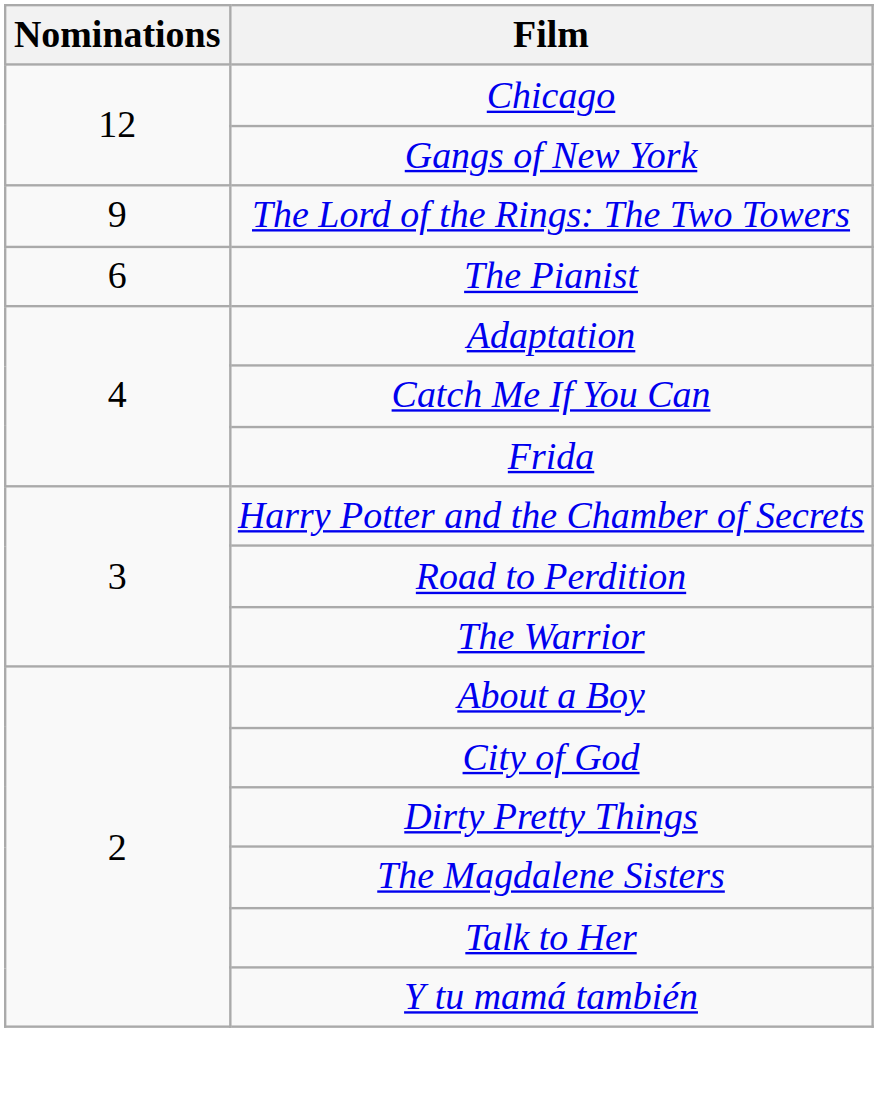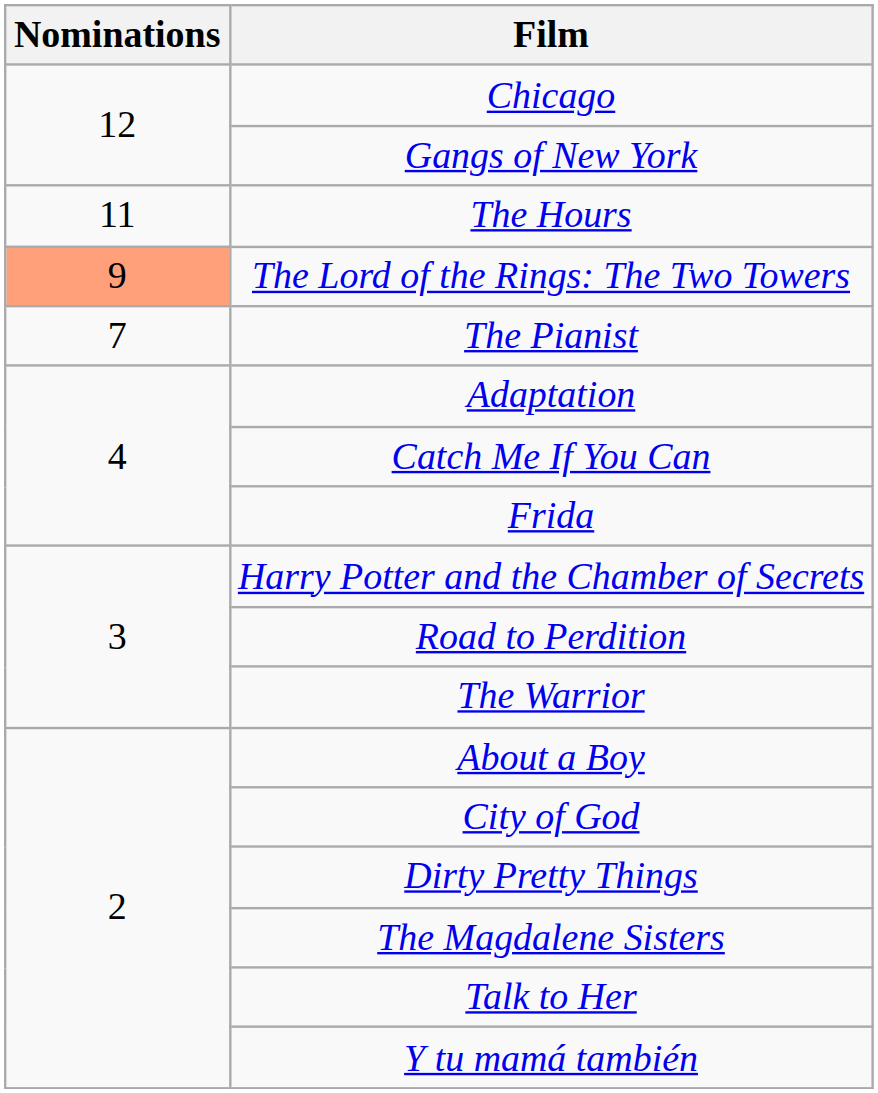 <table class="wikitable" style="text-align:center;">
 <tr>
 <th style="background:">Nominations</th>
 <th style="background:">Film</th>
 </tr>
 <tr>
 <td rowspan="2">12</td>
 <td><em><a href='#'>Chicago</a></em></td>
 </tr>
 <tr>
 <td><em><a href='#'>Gangs of New York</a></em></td>
 </tr>
 <tr>
-<td>9</td>
+<td>11</td>
+<td><em><a href='#'>The Hours</a></em></td>
+</tr>
+<tr>
+<td style="background: lightsalmon;">9</td>
 <td><em><a href='#'>The Lord of the Rings: The Two Towers</a></em></td>
 </tr>
 <tr>
-<td>6</td>
+<td>7</td>
 <td><em><a href='#'>The Pianist</a></em></td>
 </tr>
 <tr>
 <td rowspan="3">4</td>
 <td><em><a href='#'>Adaptation</a></em></td>
 </tr>
 <tr>
 <td><em><a href='#'>Catch Me If You Can</a></em></td>
 </tr>
 <tr>
 <td><em><a href='#'>Frida</a></em></td>
 </tr>
 <tr>
 <td rowspan="3">3</td>
 <td><em><a href='#'>Harry Potter and the Chamber of Secrets</a></em></td>
 </tr>
 <tr>
 <td><em><a href='#'>Road to Perdition</a></em></td>
 </tr>
 <tr>
 <td><em><a href='#'>The Warrior</a></em></td>
 </tr>
 <tr>
 <td rowspan="6">2</td>
 <td><em><a href='#'>About a Boy</a></em></td>
 </tr>
 <tr>
 <td><em><a href='#'>City of God</a></em></td>
 </tr>
 <tr>
 <td><em><a href='#'>Dirty Pretty Things</a></em></td>
 </tr>
 <tr>
 <td><em><a href='#'>The Magdalene Sisters</a></em></td>
 </tr>
 <tr>
 <td><em><a href='#'>Talk to Her</a></em></td>
 </tr>
 <tr>
 <td><em><a href='#'>Y tu mamá también</a></em></td>
 </tr>
 </table>
